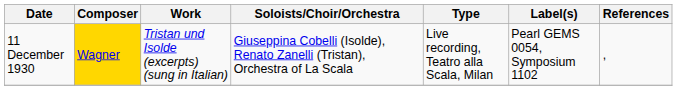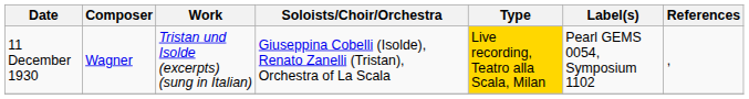 <table class="wikitable">
 <tr>
 <th>Date</th>
 <th>Composer</th>
 <th>Work</th>
 <th>Soloists/Choir/Orchestra</th>
 <th>Type</th>
 <th>Label(s)</th>
 <th>References</th>
 </tr>
 <tr>
 <td>11 December 1930</td>
-<td style="background: gold;"><a href='#'>Wagner</a></td>
+<td><a href='#'>Wagner</a></td>
 <td><em><a href='#'>Tristan und Isolde</a> (excerpts) (sung in Italian)</em></td>
 <td><a href='#'>Giuseppina Cobelli</a> (Isolde), <a href='#'>Renato Zanelli</a> (Tristan), Orchestra of La Scala</td>
-<td>Live recording, Teatro alla Scala, Milan</td>
+<td style="background: gold;">Live recording, Teatro alla Scala, Milan</td>
 <td>Pearl GEMS 0054, Symposium 1102</td>
 <td>, </td>
 </tr>
 <tr>
 </tr>
 </table>
